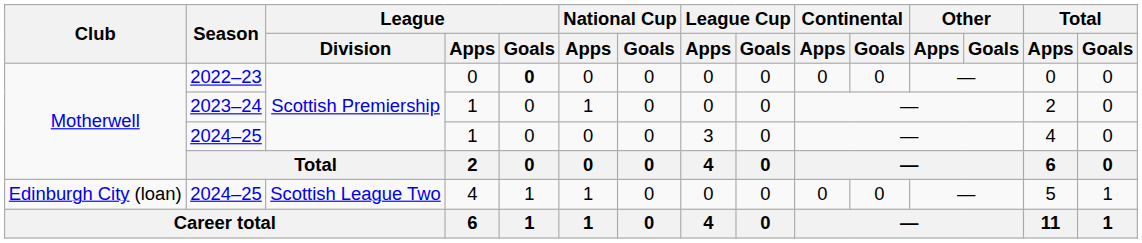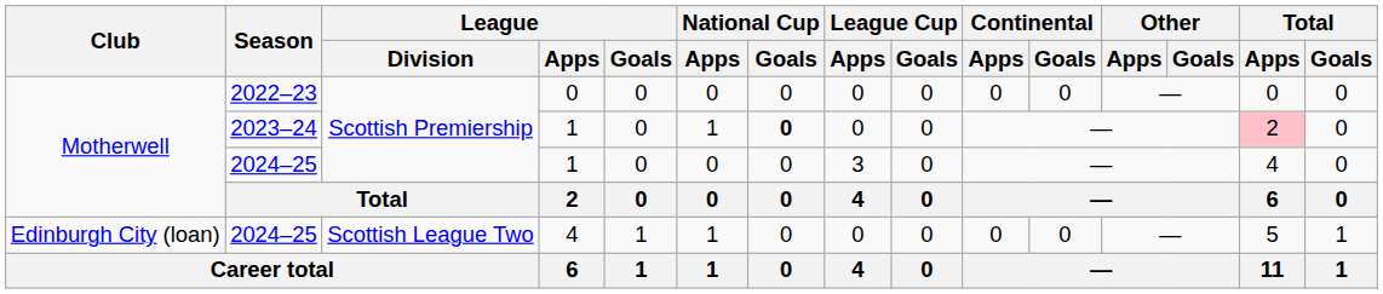 <table class="wikitable" style="text-align:center">
 <tr>
 <th rowspan="2">Club</th>
 <th rowspan="2">Season</th>
 <th colspan="3">League</th>
 <th colspan="2">National Cup</th>
 <th colspan="2">League Cup </th>
 <th colspan="2">Continental</th>
 <th colspan="2">Other</th>
 <th colspan="2">Total</th>
 </tr>
 <tr>
 <th>Division</th>
 <th>Apps</th>
 <th>Goals</th>
 <th>Apps</th>
 <th>Goals</th>
 <th>Apps</th>
 <th>Goals</th>
 <th>Apps</th>
 <th>Goals</th>
 <th>Apps</th>
 <th>Goals</th>
 <th>Apps</th>
 <th>Goals</th>
 </tr>
 <tr>
 <td rowspan="4"><a href='#'>Motherwell</a></td>
 <td><a href='#'>2022–23</a></td>
 <td rowspan="3"><a href='#'>Scottish Premiership</a></td>
 <td>0</td>
-<td><strong>0</strong></td>
+<td>0</td>
 <td>0</td>
 <td>0</td>
 <td>0</td>
 <td>0</td>
 <td>0</td>
 <td>0</td>
 <td colspan="2">—</td>
 <td>0</td>
 <td>0</td>
 </tr>
 <tr>
 <td><a href='#'>2023–24</a></td>
 <td>1</td>
 <td>0</td>
 <td>1</td>
-<td>0</td>
+<td><strong>0</strong></td>
 <td>0</td>
 <td>0</td>
 <td colspan="4">—</td>
-<td>2</td>
+<td style="background: pink;">2</td>
 <td>0</td>
 </tr>
 <tr>
 <td><a href='#'>2024–25</a></td>
 <td>1</td>
 <td>0</td>
 <td>0</td>
 <td>0</td>
 <td>3</td>
 <td>0</td>
 <td colspan="4">—</td>
 <td>4</td>
 <td>0</td>
 </tr>
 <tr>
 <th colspan="2">Total</th>
 <th>2</th>
 <th>0</th>
 <th>0</th>
 <th>0</th>
 <th>4</th>
 <th>0</th>
 <th colspan="4">—</th>
 <th>6</th>
 <th>0</th>
 </tr>
 <tr>
 <td rowspan="1"><a href='#'>Edinburgh City</a> (loan)</td>
 <td><a href='#'>2024–25</a></td>
 <td rowspan="1"><a href='#'>Scottish League Two</a></td>
 <td>4</td>
 <td>1</td>
 <td>1</td>
 <td>0</td>
 <td>0</td>
 <td>0</td>
 <td>0</td>
 <td>0</td>
 <td colspan="2">—</td>
 <td>5</td>
 <td>1</td>
 </tr>
 <tr>
 <th colspan="3">Career total</th>
 <th>6</th>
 <th>1</th>
 <th>1</th>
 <th>0</th>
 <th>4</th>
 <th>0</th>
 <th colspan="4">—</th>
 <th>11</th>
 <th>1</th>
 </tr>
 </table>
